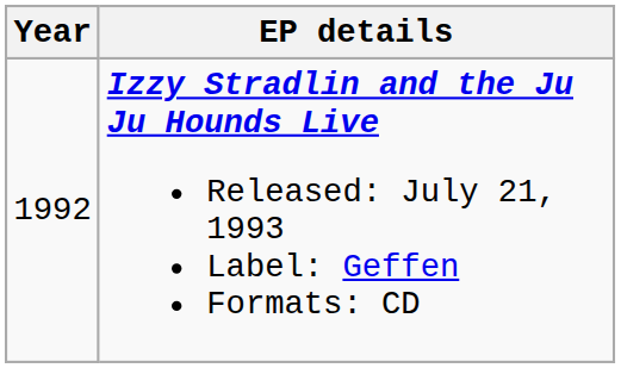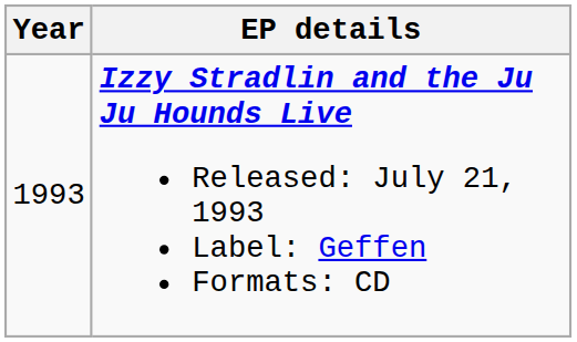 <table class="wikitable">
 <tr>
 <th>Year</th>
 <th width="200">EP details</th>
 </tr>
 <tr>
-<td>1992</td>
+<td>1993</td>
 <td><strong><em><a href='#'>Izzy Stradlin and the Ju Ju Hounds Live</a></em></strong><br><ul><li>Released: July 21, 1993</li><li>Label: <a href='#'>Geffen</a></li><li>Formats: CD</li></ul></td>
 </tr>
 </table>
